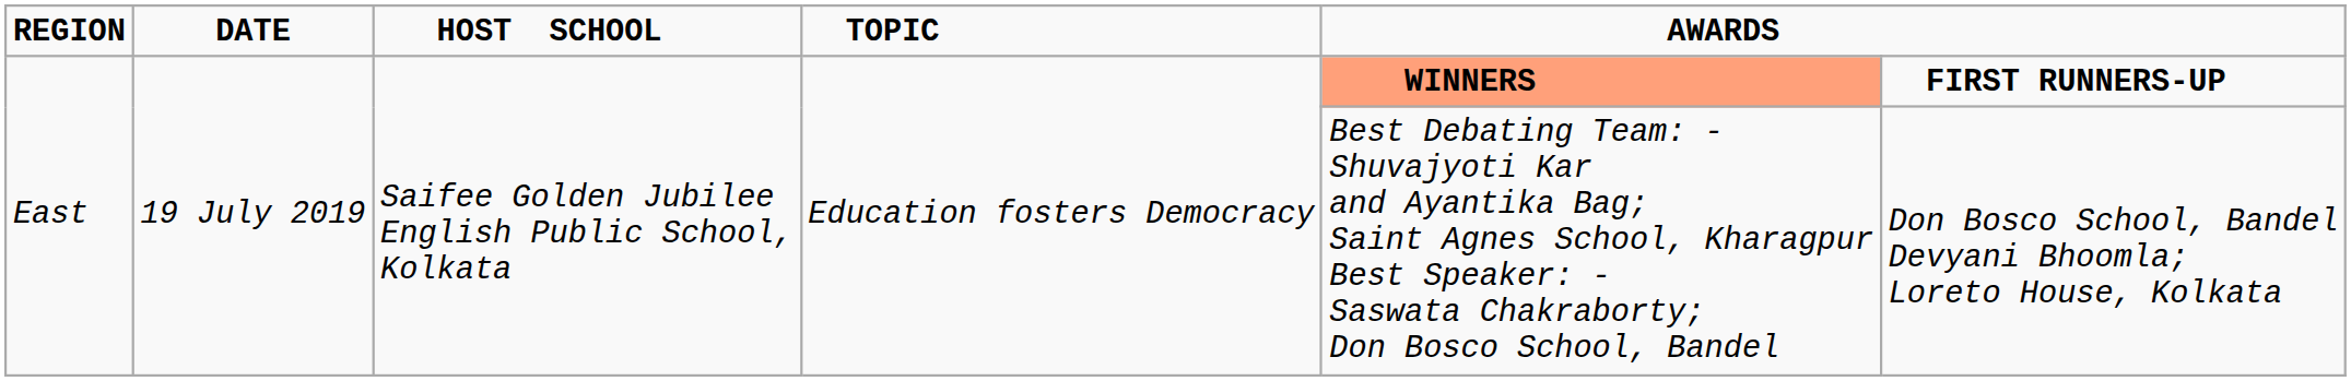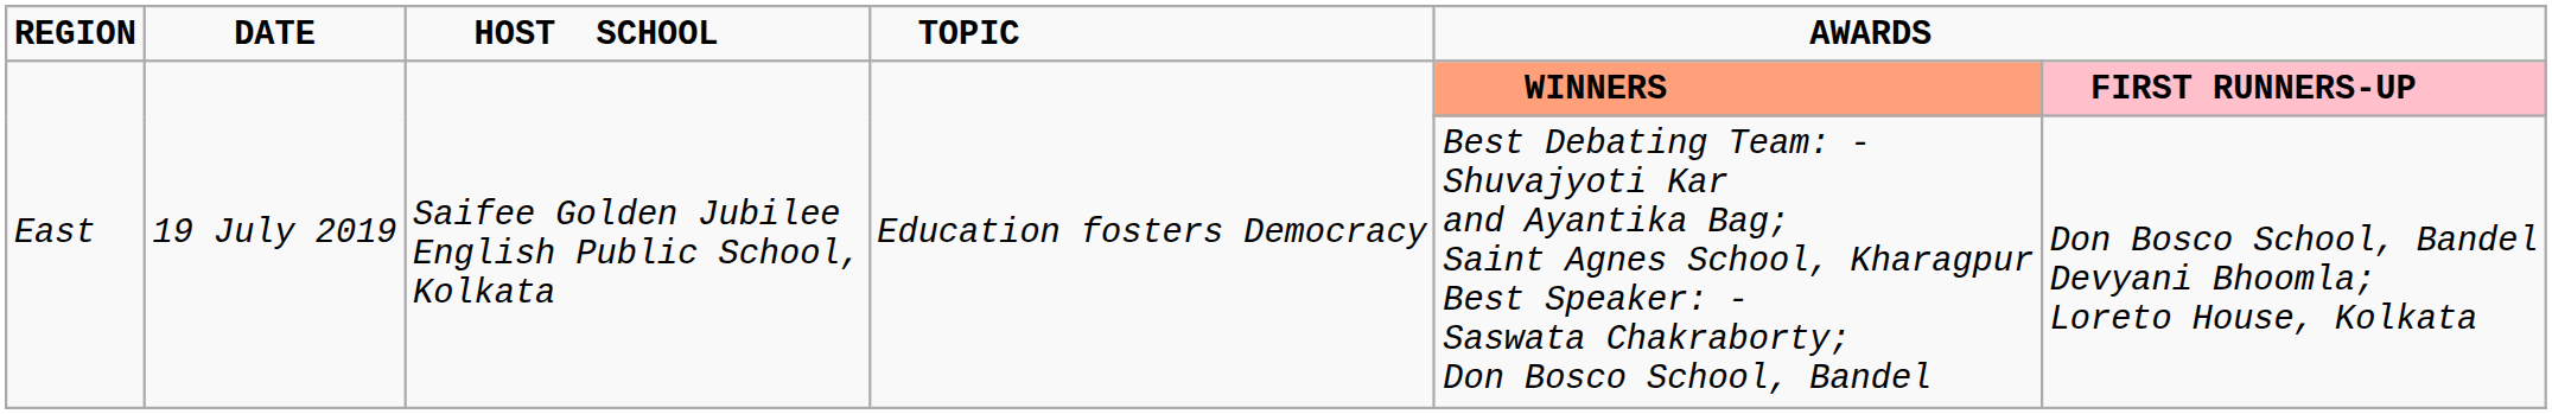 <table class="wikitable">
 <tr>
 <td><strong>REGION</strong></td>
 <td><strong>    DATE</strong></td>
 <td><strong>   HOST  SCHOOL</strong></td>
 <td>                <strong>TOPIC</strong></td>
 <td colspan="2"><strong>                                         AWARDS</strong></td>
 </tr>
 <tr>
 <td rowspan="2"><em>East</em></td>
 <td rowspan="2"><em>19 July 2019</em></td>
 <td rowspan="2"><br><em>Saifee Golden Jubilee</em><br><em>English Public School,</em><br><em>Kolkata</em></td>
 <td rowspan="2"><em>Education fosters Democracy</em></td>
 <td style="background: lightsalmon;"><strong>               WINNERS</strong></td>
-<td><strong>    FIRST RUNNERS-UP</strong></td>
+<td style="background: pink;"><strong>    FIRST RUNNERS-UP</strong></td>
 </tr>
 <tr>
 <td><em>Best Debating Team: -</em><br><em>Shuvajyoti Kar</em><br><em>and Ayantika Bag;</em><br><em>Saint Agnes School, Kharagpur</em><br><em>Best Speaker: -</em><br><em>Saswata Chakraborty;</em><br><em>Don Bosco School, Bandel</em></td>
 <td><br><em>Don Bosco School, Bandel</em><br><em>Devyani Bhoomla;</em><br><em>Loreto House, Kolkata</em></td>
 </tr>
 </table>
